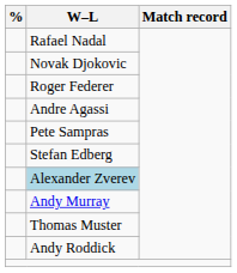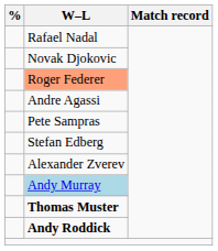 <table class="wikitable nowrap" style="display:inline-table">
 <tr>
 <th scope="col">%</th>
 <th ! scope="col">W–L</th>
 <th scope="col">Match record</th>
 </tr>
 <tr>
 <td></td>
 <td> Rafael Nadal</td>
 </tr>
 <tr>
 <td></td>
 <td> Novak Djokovic</td>
 </tr>
 <tr>
 <td></td>
-<td> Roger Federer</td>
+<td style="background: lightsalmon;"> Roger Federer</td>
 </tr>
 <tr>
 <td></td>
 <td> Andre Agassi</td>
 </tr>
 <tr>
 <td></td>
 <td> Pete Sampras</td>
 </tr>
 <tr>
 <td></td>
 <td> Stefan Edberg</td>
 </tr>
 <tr>
 <td></td>
-<td style="background: lightblue;"> Alexander Zverev</td>
+<td> Alexander Zverev</td>
 </tr>
 <tr>
 <td></td>
-<td> <a href='#'>Andy Murray</a></td>
+<td style="background: lightblue;"> <a href='#'>Andy Murray</a></td>
 </tr>
 <tr>
 <td></td>
-<td> Thomas Muster</td>
+<td><strong> Thomas Muster</strong></td>
 </tr>
 <tr>
 <td></td>
-<td> Andy Roddick<br></td>
+<td><strong> Andy Roddick<br></strong></td>
 </tr>
 <tr>
 <td colspan=4 style="text-align:center;"></td>
 </tr>
 </table>
